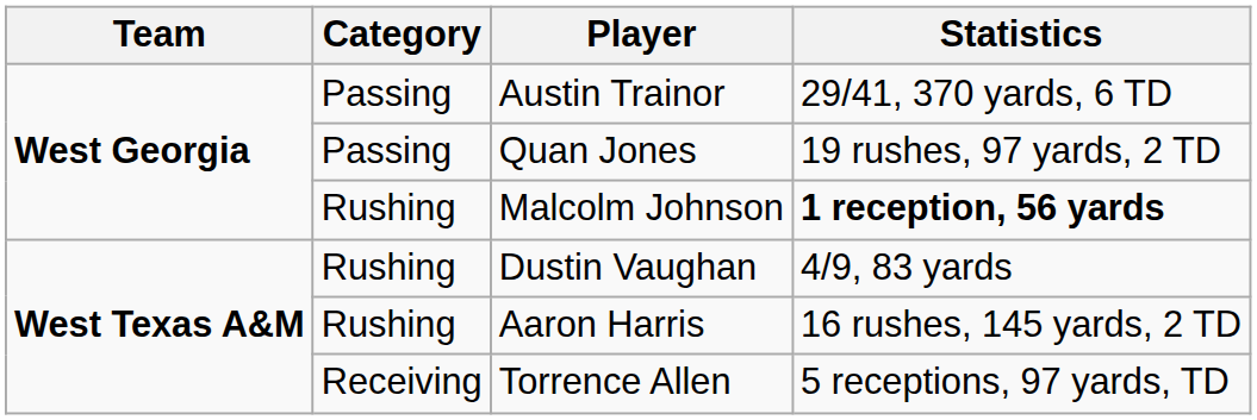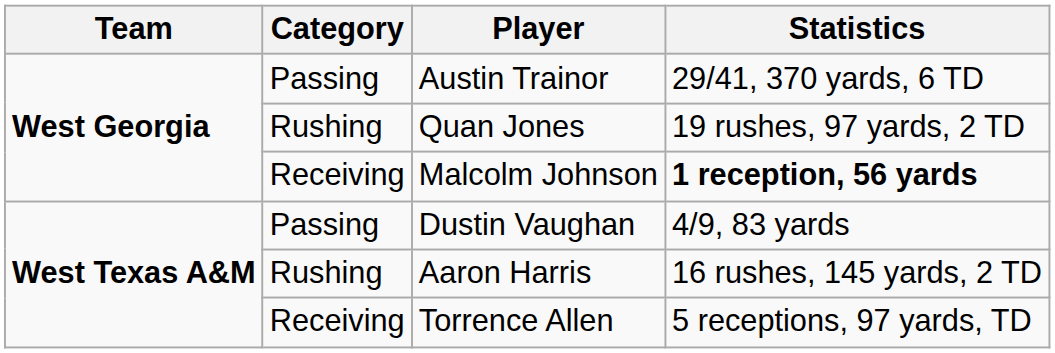 <table class="wikitable" style="float: left;">
 <tr>
 <th>Team</th>
 <th>Category</th>
 <th>Player</th>
 <th>Statistics</th>
 </tr>
 <tr>
 <td rowspan=3><strong>West Georgia</strong></td>
 <td>Passing</td>
 <td>Austin Trainor</td>
 <td>29/41, 370 yards, 6 TD</td>
 </tr>
 <tr>
-<td>Passing</td>
+<td>Rushing</td>
 <td>Quan Jones</td>
 <td>19 rushes, 97 yards, 2 TD</td>
 </tr>
 <tr>
-<td>Rushing</td>
+<td>Receiving</td>
 <td>Malcolm Johnson</td>
 <td><strong>1 reception, 56 yards</strong></td>
 </tr>
 <tr>
 <td rowspan=3><strong>West Texas A&M</strong></td>
-<td>Rushing</td>
+<td>Passing</td>
 <td>Dustin Vaughan</td>
 <td>4/9, 83 yards</td>
 </tr>
 <tr>
 <td>Rushing</td>
 <td>Aaron Harris</td>
 <td>16 rushes, 145 yards, 2 TD</td>
 </tr>
 <tr>
 <td>Receiving</td>
 <td>Torrence Allen</td>
 <td>5 receptions, 97 yards, TD</td>
 </tr>
 </table>
